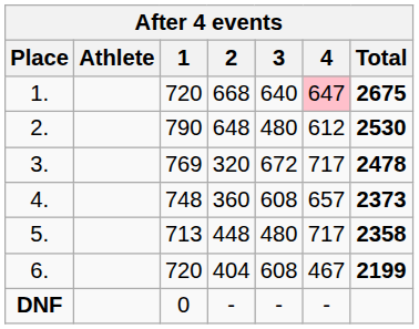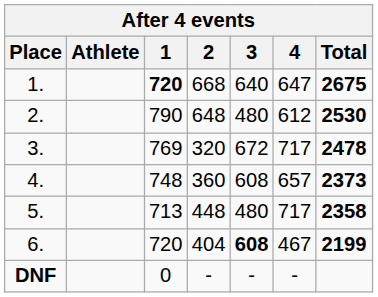 <table class=wikitable style="text-align:center">
 <tr>
 <th colspan=7><strong>After 4 events</strong></th>
 </tr>
 <tr>
 <th>Place</th>
 <th>Athlete</th>
 <th>1</th>
 <th>2</th>
 <th>3</th>
 <th>4</th>
 <th>Total</th>
 </tr>
 <tr>
 <td width=30>1.</td>
 <td align=left></td>
-<td>720</td>
+<td><strong>720</strong></td>
 <td>668</td>
 <td>640</td>
-<td style="background: pink;">647</td>
+<td>647</td>
 <td><strong>2675</strong></td>
 </tr>
 <tr>
 <td>2.</td>
 <td align=left></td>
 <td>790</td>
 <td>648</td>
 <td>480</td>
 <td>612</td>
 <td><strong>2530</strong></td>
 </tr>
 <tr>
 <td>3.</td>
 <td align=left></td>
 <td>769</td>
 <td>320</td>
 <td>672</td>
 <td>717</td>
 <td><strong>2478</strong></td>
 </tr>
 <tr>
 <td>4.</td>
 <td align=left></td>
 <td>748</td>
 <td>360</td>
 <td>608</td>
 <td>657</td>
 <td><strong>2373</strong></td>
 </tr>
 <tr>
 <td>5.</td>
 <td align=left></td>
 <td>713</td>
 <td>448</td>
 <td>480</td>
 <td>717</td>
 <td><strong>2358</strong></td>
 </tr>
 <tr>
 <td>6.</td>
 <td align=left></td>
 <td>720</td>
 <td>404</td>
-<td>608</td>
+<td><strong>608</strong></td>
 <td>467</td>
 <td><strong>2199</strong></td>
 </tr>
 <tr>
 <td><strong>DNF</strong></td>
 <td align=left></td>
 <td>0</td>
 <td>-</td>
 <td>-</td>
 <td>-</td>
 <td></td>
 </tr>
 </table>
